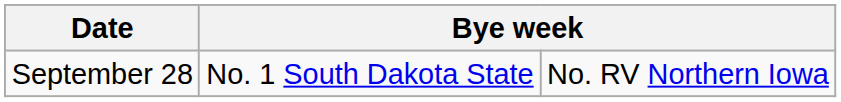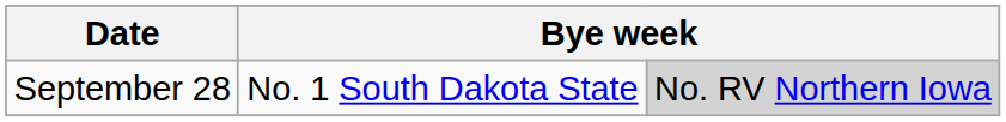 <table class="wikitable" style="font-size:95%;">
 <tr>
 <th>Date</th>
 <th colspan="2">Bye week</th>
 </tr>
 <tr>
 <td>September 28</td>
 <td>No. 1 <a href='#'>South Dakota State</a></td>
-<td>No. RV <a href='#'>Northern Iowa</a></td>
+<td style="background: lightgrey;">No. RV <a href='#'>Northern Iowa</a></td>
 </tr>
 </table>
